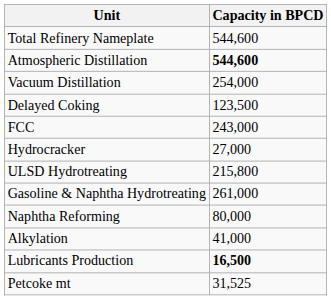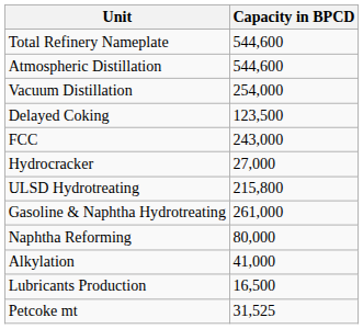 <table class="wikitable">
 <tr>
 <th>Unit</th>
 <th>Capacity in BPCD</th>
 </tr>
 <tr>
 <td>Total Refinery Nameplate</td>
 <td>544,600</td>
 </tr>
 <tr>
 <td>Atmospheric Distillation</td>
-<td><strong>544,600</strong></td>
+<td>544,600</td>
 </tr>
 <tr>
 <td>Vacuum Distillation</td>
 <td>254,000</td>
 </tr>
 <tr>
 <td>Delayed Coking</td>
 <td>123,500</td>
 </tr>
 <tr>
 <td>FCC</td>
 <td>243,000</td>
 </tr>
 <tr>
 <td>Hydrocracker</td>
 <td>27,000</td>
 </tr>
 <tr>
 <td>ULSD Hydrotreating</td>
 <td>215,800</td>
 </tr>
 <tr>
 <td>Gasoline & Naphtha Hydrotreating</td>
 <td>261,000</td>
 </tr>
 <tr>
 <td>Naphtha Reforming</td>
 <td>80,000</td>
 </tr>
 <tr>
 <td>Alkylation</td>
 <td>41,000</td>
 </tr>
 <tr>
 <td>Lubricants Production</td>
-<td><strong>16,500</strong></td>
+<td>16,500</td>
 </tr>
 <tr>
 <td>Petcoke mt</td>
 <td>31,525</td>
 </tr>
 </table>
